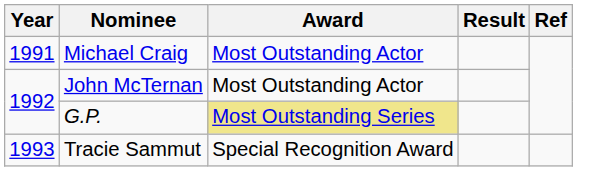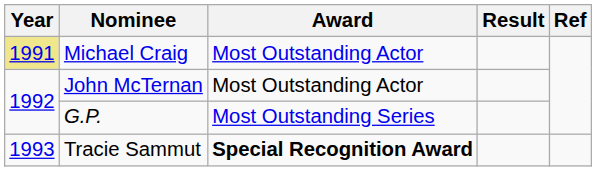 <table class="wikitable">
 <tr>
 <th>Year</th>
 <th>Nominee</th>
 <th>Award</th>
 <th>Result</th>
 <th>Ref</th>
 </tr>
 <tr>
-<td><a href='#'>1991</a></td>
+<td style="background: khaki;"><a href='#'>1991</a></td>
 <td><a href='#'>Michael Craig</a></td>
 <td><a href='#'>Most Outstanding Actor</a></td>
 <td></td>
 <td rowspan="3"></td>
 </tr>
 <tr>
 <td rowspan="2"><a href='#'>1992</a></td>
 <td><a href='#'>John McTernan</a></td>
 <td>Most Outstanding Actor</td>
 <td></td>
 </tr>
 <tr>
 <td><em>G.P.</em></td>
-<td style="background: khaki;"><a href='#'>Most Outstanding Series</a></td>
+<td><a href='#'>Most Outstanding Series</a></td>
 <td></td>
 </tr>
 <tr>
 <td><a href='#'>1993</a></td>
 <td>Tracie Sammut</td>
-<td>Special Recognition Award</td>
+<td><strong>Special Recognition Award</strong></td>
 <td></td>
 <td></td>
 </tr>
 </table>
